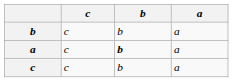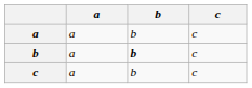 <table class="wikitable" style="width: 25%">
 <tr>
 <th></th>
+<th><em>a</em></th>
+<th><em>b</em></th>
 <th><em>c</em></th>
-<th><em>b</em></th>
+</tr>
+<tr>
 <th><em>a</em></th>
+<td><em>a</em></td>
+<td><em>b</em></td>
+<td><em>c</em></td>
 </tr>
 <tr>
 <th><em>b</em></th>
+<td><em>a</em></td>
+<td><strong><em>b</em></strong></td>
 <td><em>c</em></td>
-<td><em>b</em></td>
-<td><em>a</em></td>
-</tr>
-<tr>
-<th><em>a</em></th>
-<td><em>c</em></td>
-<td><strong><em>b</em></strong></td>
-<td><em>a</em></td>
 </tr>
 <tr>
 <th><em>c</em></th>
+<td><em>a</em></td>
+<td><em>b</em></td>
 <td><em>c</em></td>
-<td><em>b</em></td>
-<td><em>a</em></td>
 </tr>
 </table>
